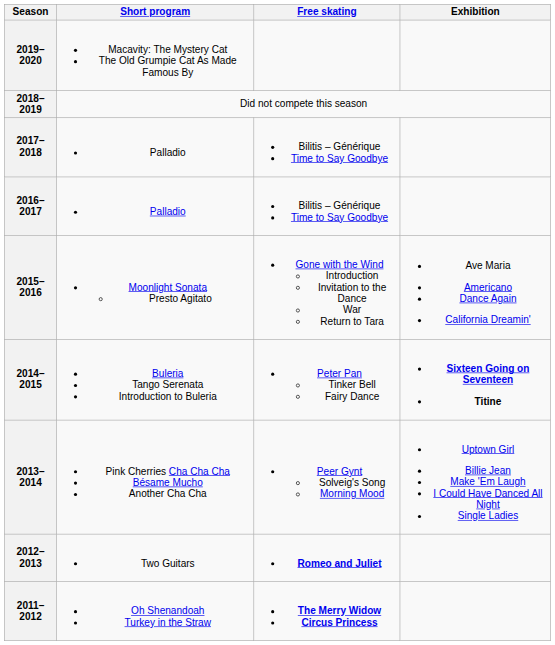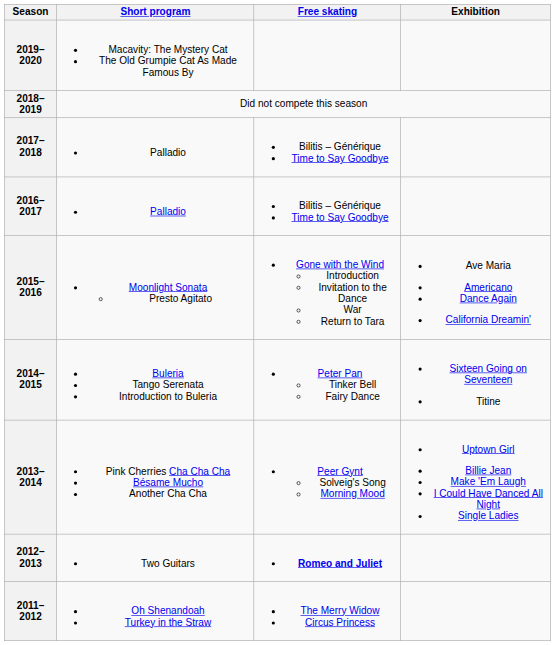 <table class=wikitable style=text-align:center>
 <tr>
 <th>Season</th>
 <th><a href='#'>Short program</a></th>
 <th><a href='#'>Free skating</a></th>
 <th>Exhibition</th>
 </tr>
 <tr>
 <th>2019–2020 <br></th>
 <td><br><ul><li>Macavity: The Mystery Cat <br></li><li>The Old Grumpie Cat As Made Famous By <br></li></ul></td>
 <td></td>
 <td></td>
 </tr>
 <tr>
 <th>2018–2019 <br></th>
 <td rowspan=1 colspan=3>Did not compete this season</td>
 </tr>
 <tr>
 <th>2017–2018 <br> </th>
 <td><br><ul><li>Palladio <br></li></ul></td>
 <td><br><ul><li>Bilitis – Générique <br></li><li><a href='#'>Time to Say Goodbye</a> <br></li></ul></td>
 <td></td>
 </tr>
 <tr>
 <th>2016–2017 <br> </th>
 <td><br><ul><li><a href='#'>Palladio</a> <br></li></ul></td>
 <td><br><ul><li>Bilitis – Générique <br></li><li><a href='#'>Time to Say Goodbye</a> <br></li></ul></td>
 <td></td>
 </tr>
 <tr>
 <th>2015–2016 <br> </th>
 <td><br><ul><li><a href='#'>Moonlight Sonata</a> <br><ul><li>Presto Agitato <br></li></ul></li></ul></td>
 <td><br><ul><li><a href='#'>Gone with the Wind</a> <br><ul><li>Introduction</li><li>Invitation to the Dance</li><li>War</li><li>Return to Tara</li></ul></li></ul></td>
 <td><br><ul><li>Ave Maria <br></li></ul><ul><li><a href='#'>Americano</a> <br></li><li><a href='#'>Dance Again</a> <br></li></ul><ul><li><a href='#'>California Dreamin'</a> <br></li></ul></td>
 </tr>
 <tr>
 <th>2014–2015 <br> </th>
 <td><br><ul><li><a href='#'>Buleria</a> <br></li><li>Tango Serenata <br></li><li>Introduction to Buleria <br></li></ul></td>
 <td><br><ul><li><a href='#'>Peter Pan</a> <br><ul><li>Tinker Bell</li><li>Fairy Dance</li></ul></li></ul></td>
-<td><strong><br><ul><li><a href='#'>Sixteen Going on Seventeen</a> <br></li></ul><ul><li>Titine <br></li></ul></strong></td>
+<td><br><ul><li><a href='#'>Sixteen Going on Seventeen</a> <br></li></ul><ul><li>Titine <br></li></ul></td>
 </tr>
 <tr>
 <th>2013–2014 <br> </th>
 <td><br><ul><li>Pink Cherries <a href='#'>Cha Cha Cha</a></li><li><a href='#'>Bésame Mucho</a></li><li>Another Cha Cha <br></li></ul></td>
 <td><br><ul><li><a href='#'>Peer Gynt</a> <br><ul><li>Solveig's Song</li><li><a href='#'>Morning Mood</a></li></ul></li></ul></td>
 <td><br><ul><li><a href='#'>Uptown Girl</a> <br></li></ul><ul><li><a href='#'>Billie Jean</a> <br></li><li><a href='#'>Make 'Em Laugh</a> <br></li><li><a href='#'>I Could Have Danced All Night</a> <br></li><li><a href='#'>Single Ladies</a> <br></li></ul></td>
 </tr>
 <tr>
 <th>2012–2013 <br> </th>
 <td><br><ul><li>Two Guitars <br></li></ul></td>
 <td><strong><br><ul><li><a href='#'>Romeo and Juliet</a> <br></li></ul></strong></td>
 <td></td>
 </tr>
 <tr>
 <th>2011–2012 <br> </th>
 <td><br><ul><li><a href='#'>Oh Shenandoah</a></li><li><a href='#'>Turkey in the Straw</a> <br></li></ul></td>
-<td><strong><br><ul><li><a href='#'>The Merry Widow</a> <br></li><li><a href='#'>Circus Princess</a> <br></li></ul></strong></td>
+<td><br><ul><li><a href='#'>The Merry Widow</a> <br></li><li><a href='#'>Circus Princess</a> <br></li></ul></td>
 <td></td>
 </tr>
 </table>
